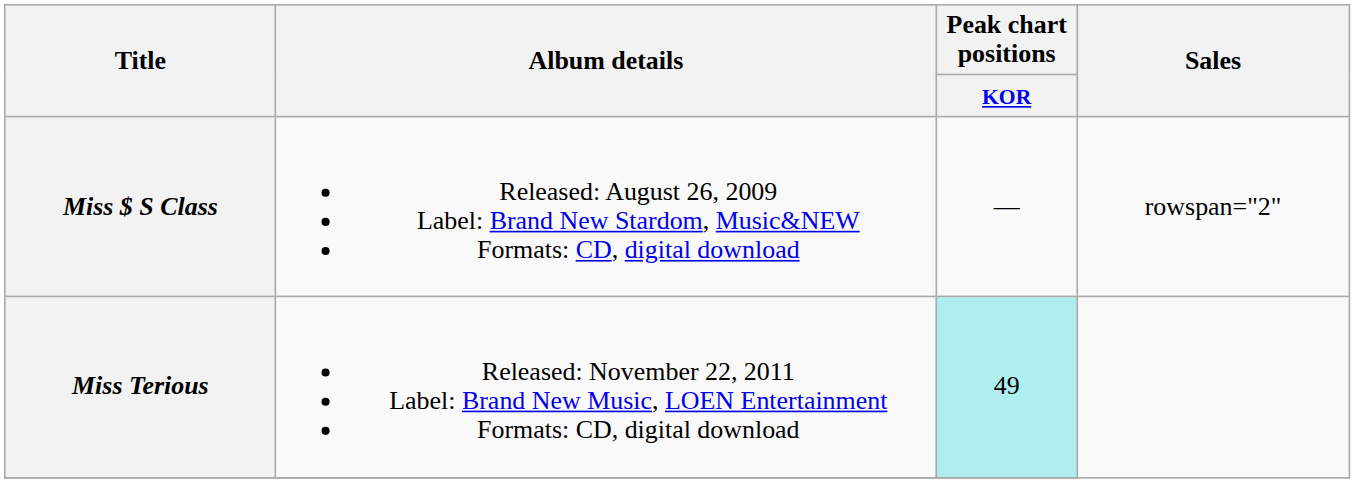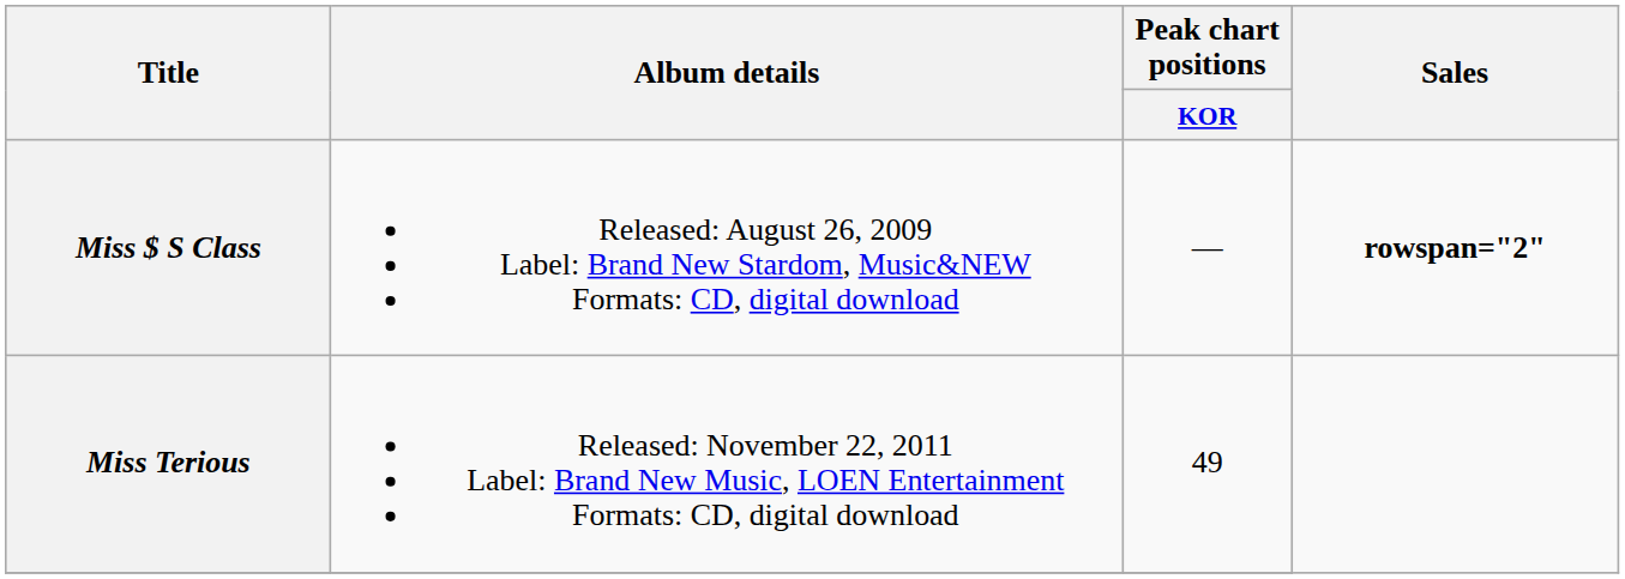 <table class="wikitable plainrowheaders" style="text-align:center;">
 <tr>
 <th scope="col" rowspan="2" style="width:10em;">Title</th>
 <th scope="col" rowspan="2" style="width:25em;">Album details</th>
 <th scope="col" colspan="1" style="width:5em;">Peak chart positions</th>
 <th scope="col" rowspan="2" style="width:10em;">Sales</th>
 </tr>
 <tr>
 <th><small><a href='#'>KOR</a></small><br></th>
 </tr>
 <tr>
 <th scope="row"><em>Miss $ S Class</em></th>
 <td><br><ul><li>Released: August 26, 2009</li><li>Label: <a href='#'>Brand New Stardom</a>, <a href='#'>Music&NEW</a></li><li>Formats: <a href='#'>CD</a>, <a href='#'>digital download</a></li></ul></td>
 <td>—</td>
-<td>rowspan="2" </td>
+<td><strong>rowspan="2" </strong></td>
 </tr>
 <tr>
 <th scope="row"><em>Miss Terious</em></th>
 <td><br><ul><li>Released: November 22, 2011</li><li>Label: <a href='#'>Brand New Music</a>, <a href='#'>LOEN Entertainment</a></li><li>Formats: CD, digital download</li></ul></td>
-<td style="background: paleturquoise;">49</td>
+<td>49</td>
 </tr>
 <tr>
 </tr>
 </table>
